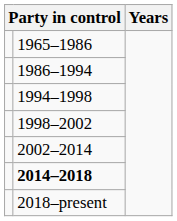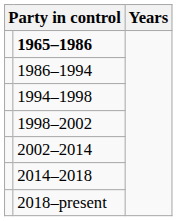 <table class="wikitable">
 <tr>
 <th colspan=2>Party in control</th>
 <th>Years</th>
 </tr>
 <tr>
 <td></td>
-<td>1965–1986</td>
+<td><strong>1965–1986</strong></td>
 </tr>
 <tr>
 <td></td>
 <td>1986–1994</td>
 </tr>
 <tr>
 <td></td>
 <td>1994–1998</td>
 </tr>
 <tr>
 <td></td>
 <td>1998–2002</td>
 </tr>
 <tr>
 <td></td>
 <td>2002–2014</td>
 </tr>
 <tr>
 <td></td>
-<td><strong>2014–2018</strong></td>
+<td>2014–2018</td>
 </tr>
 <tr>
 <td></td>
 <td>2018–present</td>
 </tr>
 </table>
